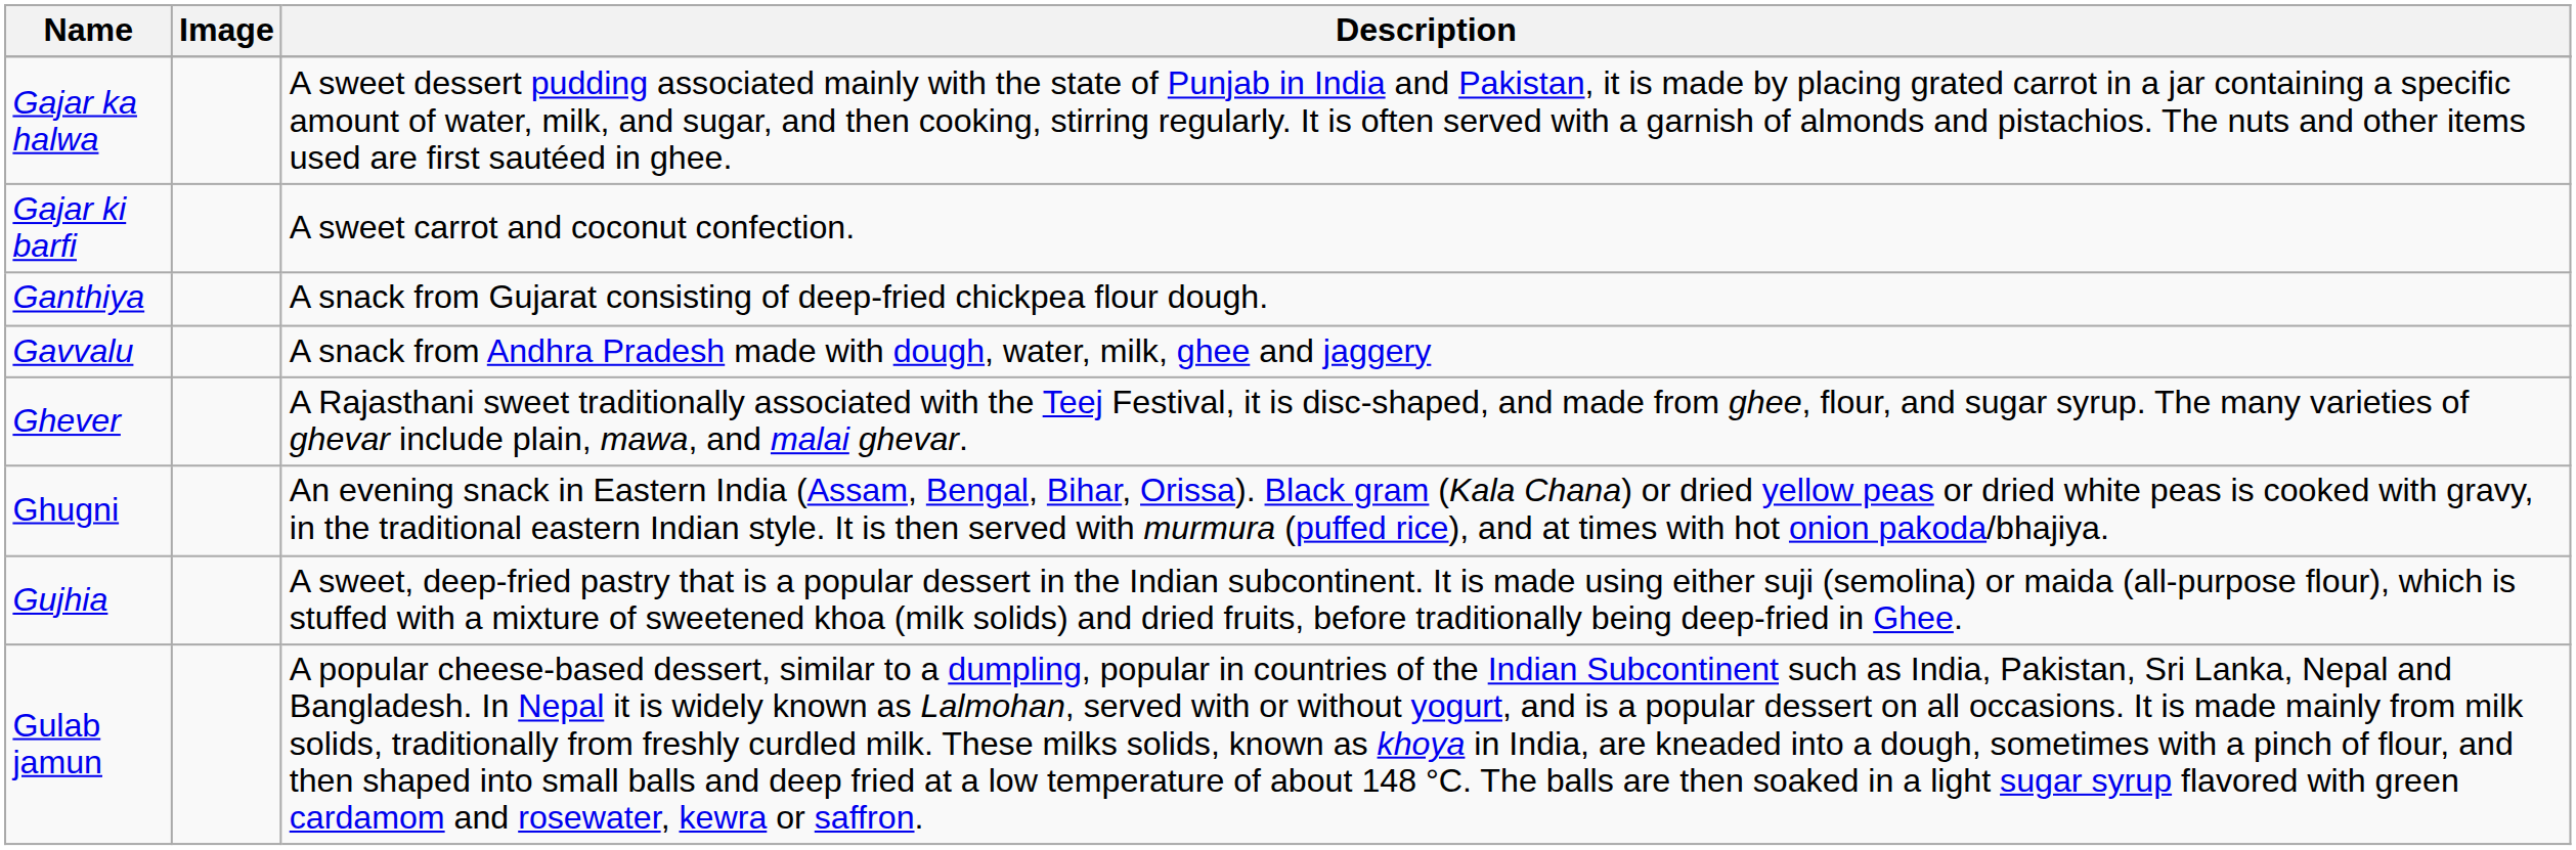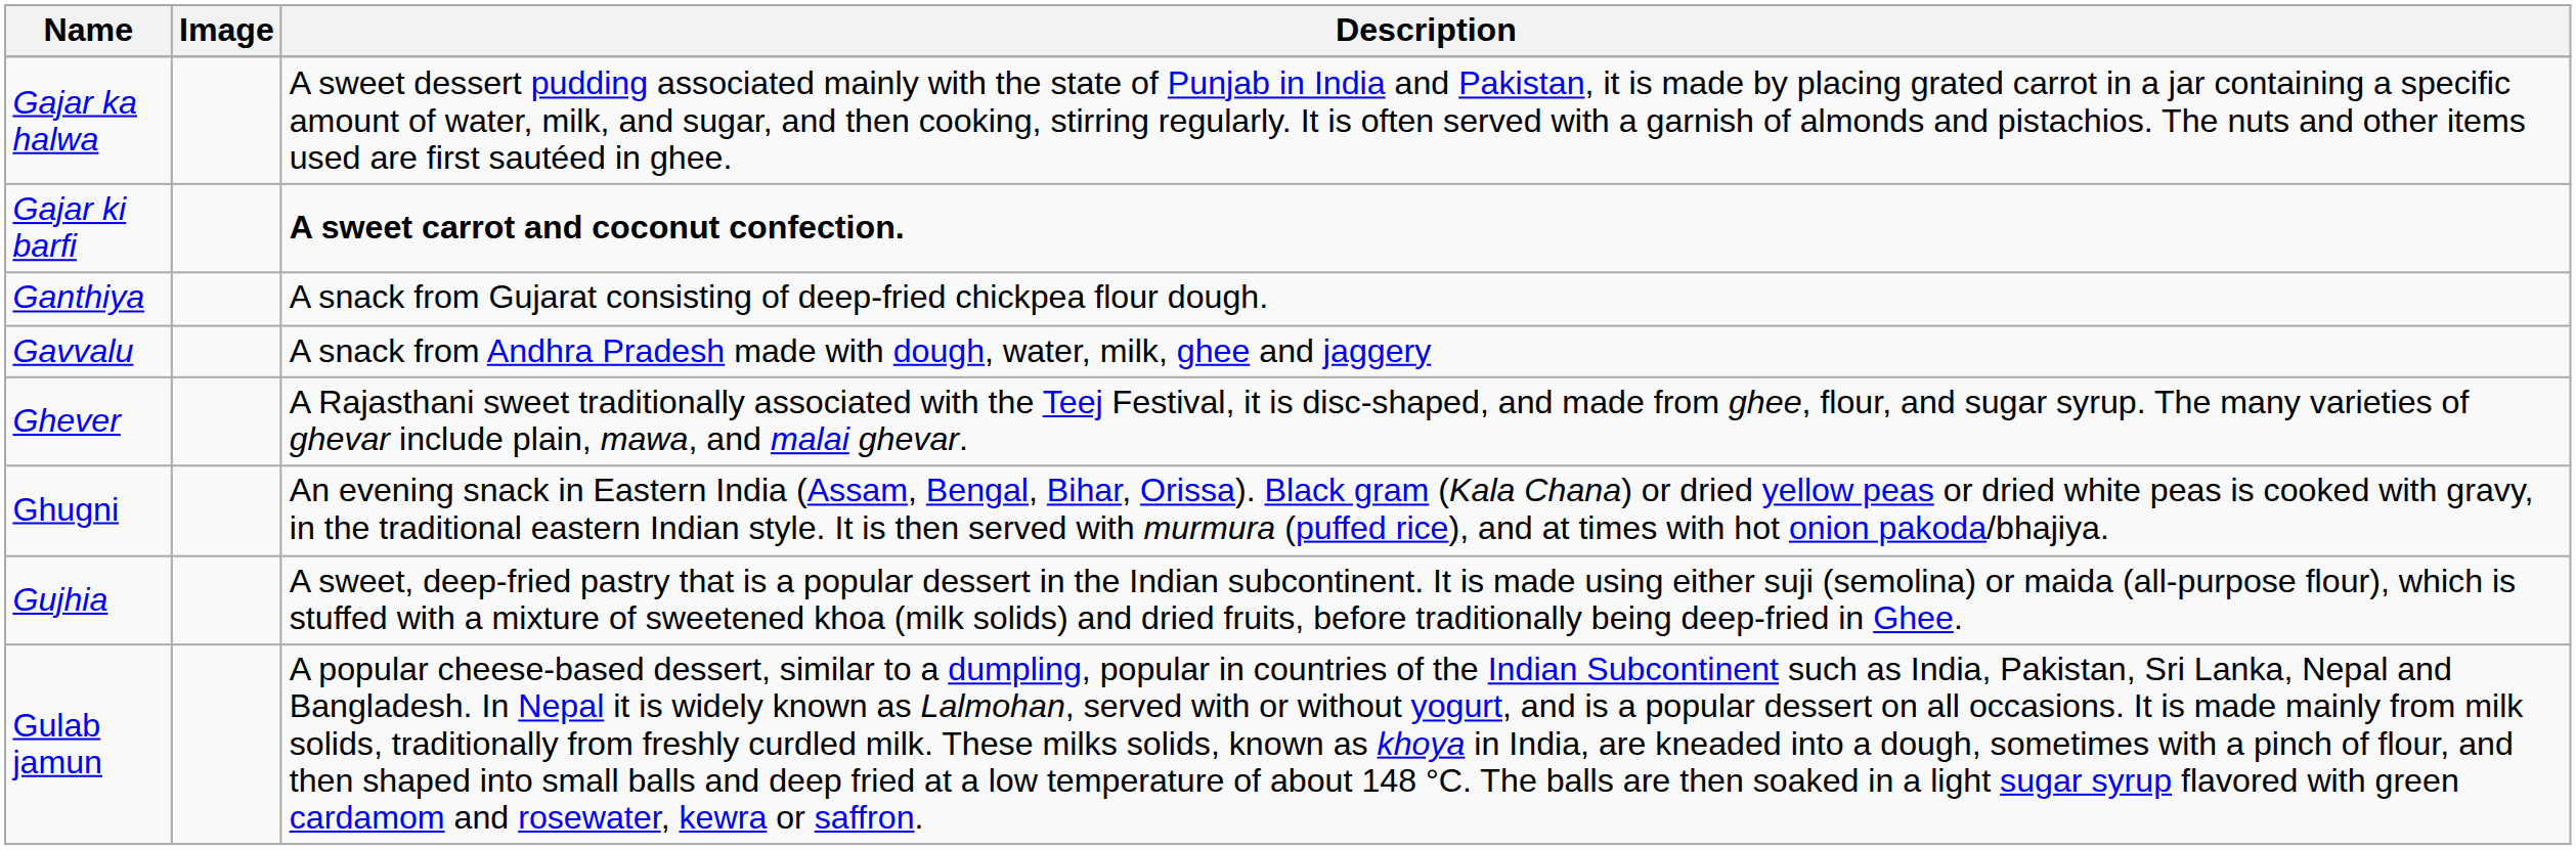 <table class="wikitable">
 <tr>
 <th>Name</th>
 <th>Image</th>
 <th>Description</th>
 </tr>
 <tr>
 </tr>
 <tr>
 <td><em><a href='#'>Gajar ka halwa</a></em></td>
 <td></td>
 <td>A sweet dessert <a href='#'>pudding</a> associated mainly with the state of <a href='#'>Punjab in India</a> and <a href='#'>Pakistan</a>, it is made by placing grated carrot in a jar containing a specific amount of water, milk, and sugar, and then cooking, stirring regularly. It is often served with a garnish of almonds and pistachios. The nuts and other items used are first sautéed in ghee.</td>
 </tr>
 <tr>
 <td><em><a href='#'>Gajar ki barfi</a></em></td>
 <td></td>
-<td>A sweet carrot and coconut confection.</td>
+<td><strong>A sweet carrot and coconut confection.</strong></td>
 </tr>
 <tr>
 <td><em><a href='#'>Ganthiya</a></em></td>
 <td></td>
 <td>A snack from Gujarat consisting of deep-fried chickpea flour dough.</td>
 </tr>
 <tr>
 <td><em><a href='#'>Gavvalu</a></em></td>
 <td></td>
 <td>A snack from <a href='#'>Andhra Pradesh</a> made with <a href='#'>dough</a>, water, milk, <a href='#'>ghee</a> and <a href='#'>jaggery</a></td>
 </tr>
 <tr>
 <td><em><a href='#'>Ghever</a></em></td>
 <td></td>
 <td>A Rajasthani sweet traditionally associated with the <a href='#'>Teej</a> Festival, it is disc-shaped, and made from <em>ghee</em>, flour, and sugar syrup. The many varieties of <em>ghevar</em> include plain, <em>mawa</em>, and <em><a href='#'>malai</a> ghevar</em>.</td>
 </tr>
 <tr>
 <td><a href='#'>Ghugni</a></td>
 <td></td>
 <td>An evening snack in Eastern India (<a href='#'>Assam</a>, <a href='#'>Bengal</a>, <a href='#'>Bihar</a>, <a href='#'>Orissa</a>). <a href='#'>Black gram</a> (<em>Kala Chana</em>) or dried <a href='#'>yellow peas</a> or dried white peas is cooked with gravy, in the traditional eastern Indian style. It is then served with <em>murmura</em> (<a href='#'>puffed rice</a>), and at times with hot <a href='#'>onion pakoda</a>/bhajiya.</td>
 </tr>
 <tr>
 <td><em><a href='#'>Gujhia</a></em></td>
 <td></td>
 <td>A sweet, deep-fried pastry that is a popular dessert in the Indian subcontinent. It is made using either suji (semolina) or maida (all-purpose flour), which is stuffed with a mixture of sweetened khoa (milk solids) and dried fruits, before traditionally being deep-fried in <a href='#'>Ghee</a>.</td>
 </tr>
 <tr>
 <td><a href='#'>Gulab jamun</a></td>
 <td></td>
 <td>A popular cheese-based dessert, similar to a <a href='#'>dumpling</a>, popular in countries of the <a href='#'>Indian Subcontinent</a> such as India, Pakistan, Sri Lanka, Nepal and Bangladesh. In <a href='#'>Nepal</a> it is widely known as <em>Lalmohan</em>, served with or without <a href='#'>yogurt</a>, and is a popular dessert on all occasions. It is made mainly from milk solids, traditionally from freshly curdled milk. These milks solids, known as <em><a href='#'>khoya</a></em> in India, are kneaded into a dough, sometimes with a pinch of flour, and then shaped into small balls and deep fried at a low temperature of about 148 °C.  The balls are then soaked in a light <a href='#'>sugar syrup</a> flavored with green <a href='#'>cardamom</a> and <a href='#'>rosewater</a>, <a href='#'>kewra</a> or <a href='#'>saffron</a>.</td>
 </tr>
 </table>
